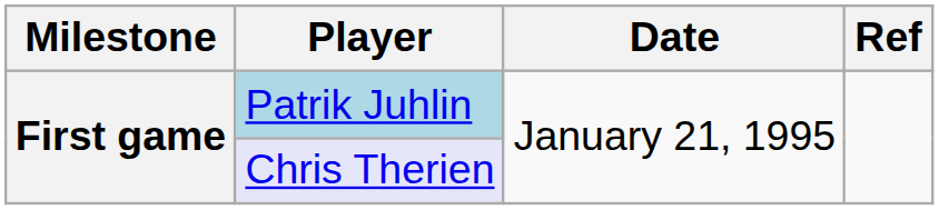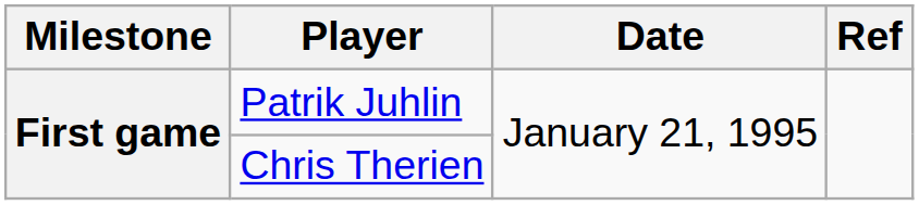 <table class="wikitable">
 <tr>
 <th scope="col">Milestone</th>
 <th scope="col">Player</th>
 <th scope="col">Date</th>
 <th scope="col">Ref</th>
 </tr>
 <tr>
 <th rowspan=2>First game</th>
-<td style="background: lightblue;"><a href='#'>Patrik Juhlin</a></td>
+<td><a href='#'>Patrik Juhlin</a></td>
 <td rowspan=2>January 21, 1995</td>
 <td rowspan=2></td>
 </tr>
 <tr>
-<td style="background: lavender;"><a href='#'>Chris Therien</a></td>
+<td><a href='#'>Chris Therien</a></td>
 </tr>
 </table>
